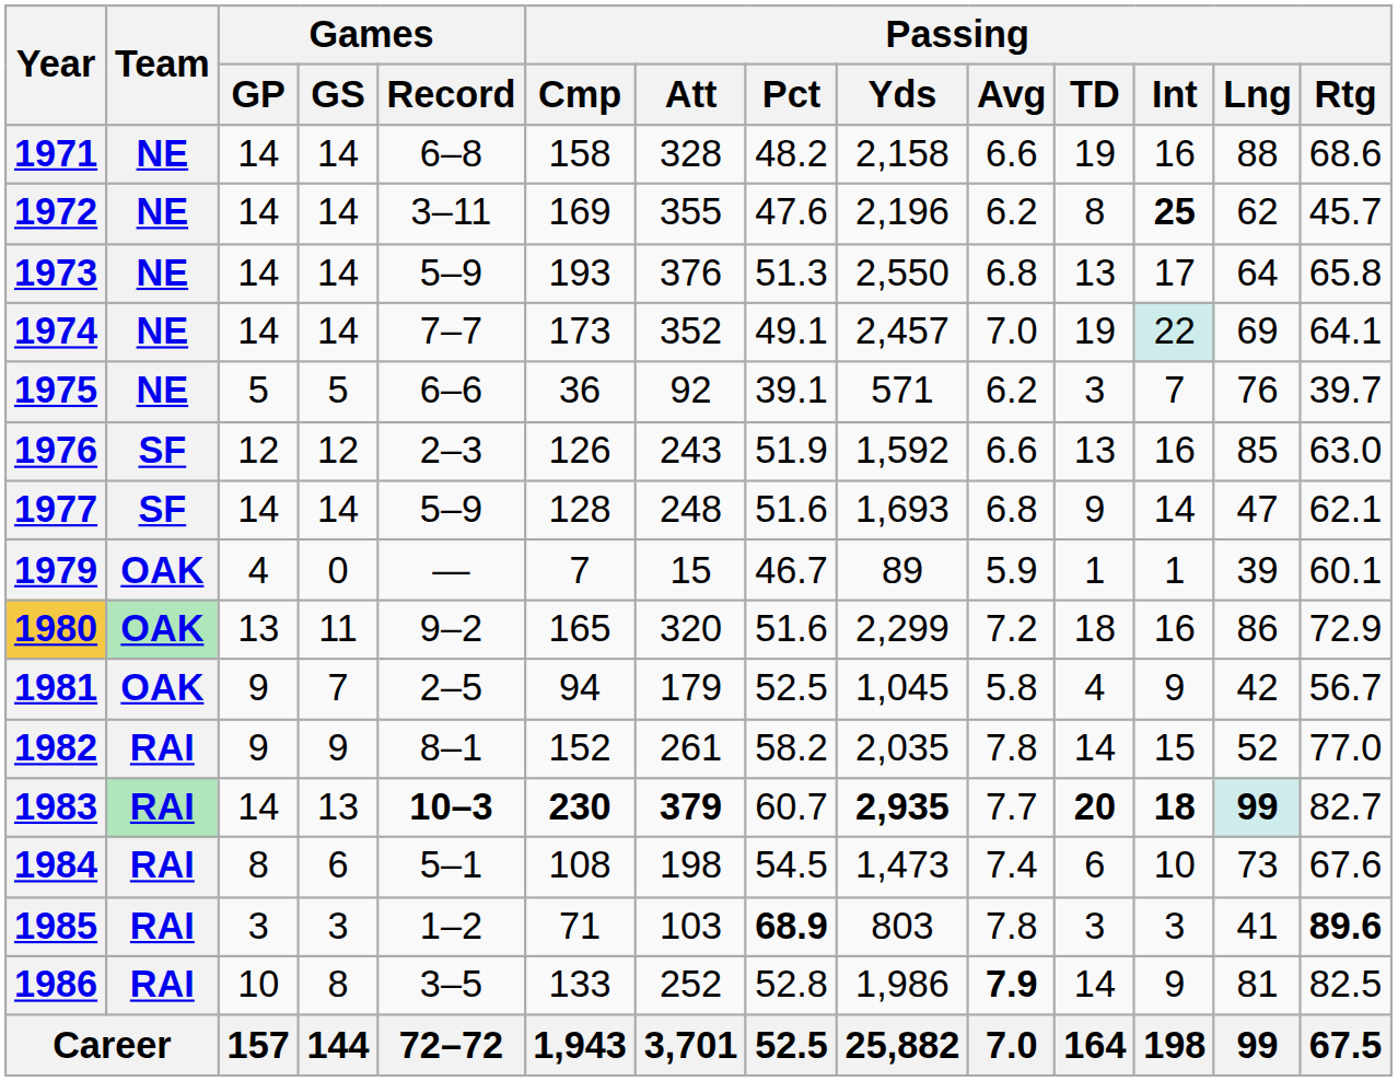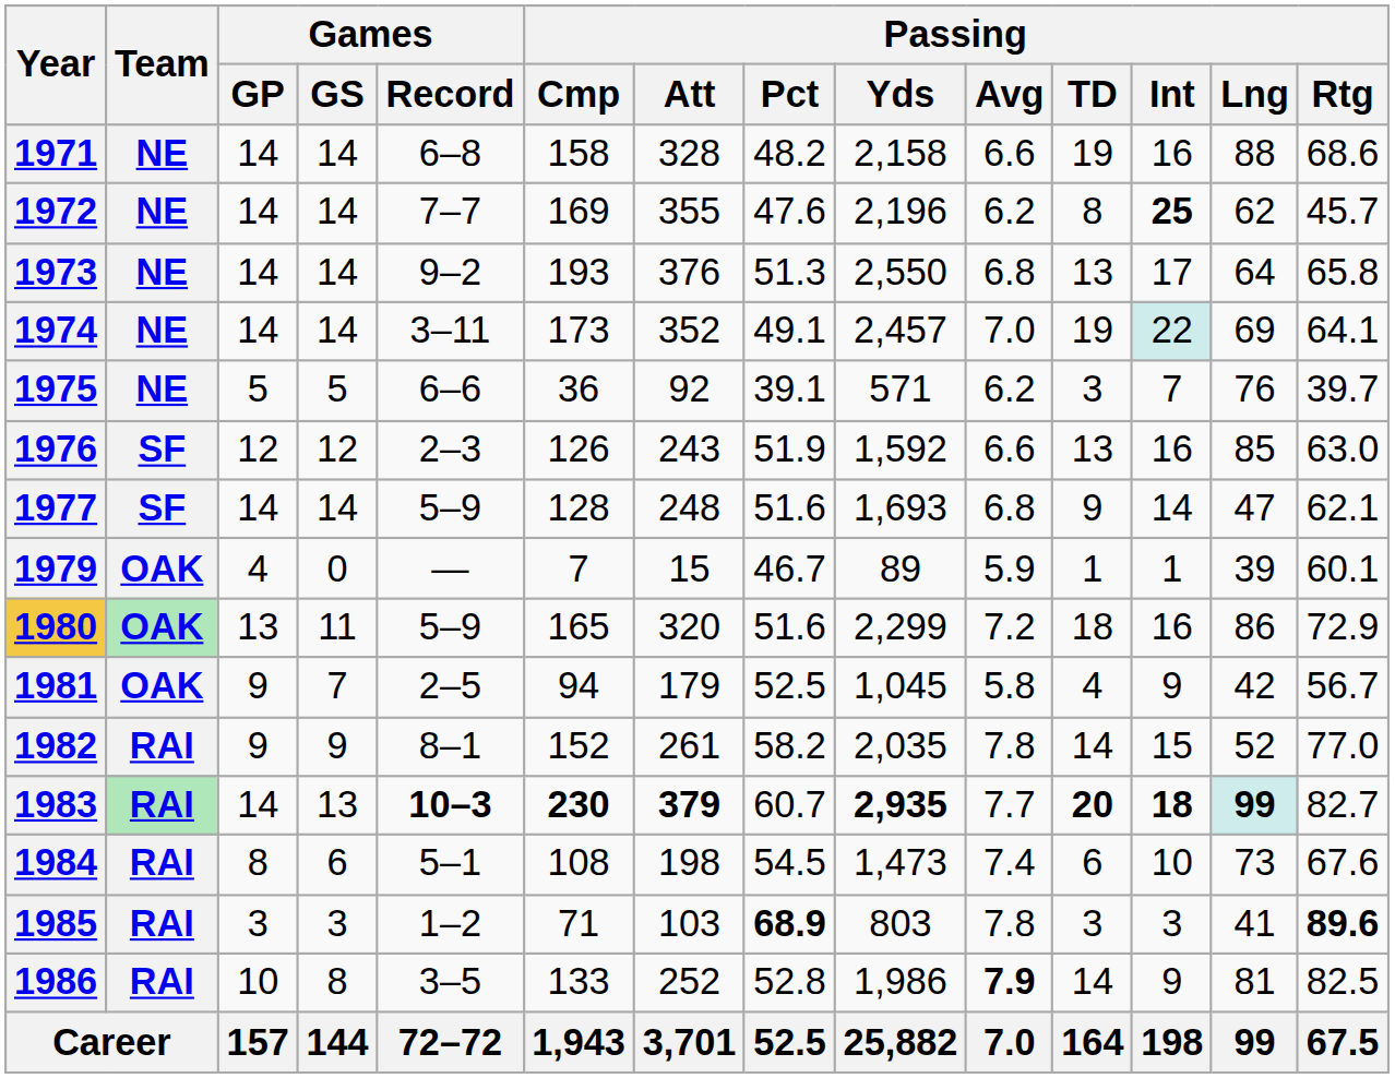 <table class="wikitable" style="text-align:center">
 <tr>
 <th rowspan="2">Year</th>
 <th rowspan="2">Team</th>
 <th colspan="3">Games</th>
 <th colspan="9">Passing</th>
 </tr>
 <tr>
 <th>GP</th>
 <th>GS</th>
 <th>Record</th>
 <th>Cmp</th>
 <th>Att</th>
 <th>Pct</th>
 <th>Yds</th>
 <th>Avg</th>
 <th>TD</th>
 <th>Int</th>
 <th>Lng</th>
 <th>Rtg</th>
 </tr>
 <tr>
 <th><a href='#'>1971</a></th>
 <th><a href='#'>NE</a></th>
 <td>14</td>
 <td>14</td>
 <td>6–8</td>
 <td>158</td>
 <td>328</td>
 <td>48.2</td>
 <td>2,158</td>
 <td>6.6</td>
 <td>19</td>
 <td>16</td>
 <td>88</td>
 <td>68.6</td>
 </tr>
 <tr>
 <th><a href='#'>1972</a></th>
 <th><a href='#'>NE</a></th>
 <td>14</td>
 <td>14</td>
-<td>3–11</td>
+<td>7–7</td>
 <td>169</td>
 <td>355</td>
 <td>47.6</td>
 <td>2,196</td>
 <td>6.2</td>
 <td>8</td>
 <td><strong>25</strong></td>
 <td>62</td>
 <td>45.7</td>
 </tr>
 <tr>
 <th><a href='#'>1973</a></th>
 <th><a href='#'>NE</a></th>
 <td>14</td>
 <td>14</td>
-<td>5–9</td>
+<td>9–2</td>
 <td>193</td>
 <td>376</td>
 <td>51.3</td>
 <td>2,550</td>
 <td>6.8</td>
 <td>13</td>
 <td>17</td>
 <td>64</td>
 <td>65.8</td>
 </tr>
 <tr>
 <th><a href='#'>1974</a></th>
 <th><a href='#'>NE</a></th>
 <td>14</td>
 <td>14</td>
-<td>7–7</td>
+<td>3–11</td>
 <td>173</td>
 <td>352</td>
 <td>49.1</td>
 <td>2,457</td>
 <td>7.0</td>
 <td>19</td>
 <td style="background:#cfecec;">22</td>
 <td>69</td>
 <td>64.1</td>
 </tr>
 <tr>
 <th><a href='#'>1975</a></th>
 <th><a href='#'>NE</a></th>
 <td>5</td>
 <td>5</td>
 <td>6–6</td>
 <td>36</td>
 <td>92</td>
 <td>39.1</td>
 <td>571</td>
 <td>6.2</td>
 <td>3</td>
 <td>7</td>
 <td>76</td>
 <td>39.7</td>
 </tr>
 <tr>
 <th><a href='#'>1976</a></th>
 <th><a href='#'>SF</a></th>
 <td>12</td>
 <td>12</td>
 <td>2–3</td>
 <td>126</td>
 <td>243</td>
 <td>51.9</td>
 <td>1,592</td>
 <td>6.6</td>
 <td>13</td>
 <td>16</td>
 <td>85</td>
 <td>63.0</td>
 </tr>
 <tr>
 <th><a href='#'>1977</a></th>
 <th><a href='#'>SF</a></th>
 <td>14</td>
 <td>14</td>
 <td>5–9</td>
 <td>128</td>
 <td>248</td>
 <td>51.6</td>
 <td>1,693</td>
 <td>6.8</td>
 <td>9</td>
 <td>14</td>
 <td>47</td>
 <td>62.1</td>
 </tr>
 <tr>
 <th><a href='#'>1979</a></th>
 <th><a href='#'>OAK</a></th>
 <td>4</td>
 <td>0</td>
 <td>—</td>
 <td>7</td>
 <td>15</td>
 <td>46.7</td>
 <td>89</td>
 <td>5.9</td>
 <td>1</td>
 <td>1</td>
 <td>39</td>
 <td>60.1</td>
 </tr>
 <tr>
 <th style="background:#f4c842"><a href='#'>1980</a></th>
 <th style="background:#afe6ba;"><a href='#'>OAK</a></th>
 <td>13</td>
 <td>11</td>
-<td>9–2</td>
+<td>5–9</td>
 <td>165</td>
 <td>320</td>
 <td>51.6</td>
 <td>2,299</td>
 <td>7.2</td>
 <td>18</td>
 <td>16</td>
 <td>86</td>
 <td>72.9</td>
 </tr>
 <tr>
 <th><a href='#'>1981</a></th>
 <th><a href='#'>OAK</a></th>
 <td>9</td>
 <td>7</td>
 <td>2–5</td>
 <td>94</td>
 <td>179</td>
 <td>52.5</td>
 <td>1,045</td>
 <td>5.8</td>
 <td>4</td>
 <td>9</td>
 <td>42</td>
 <td>56.7</td>
 </tr>
 <tr>
 <th><a href='#'>1982</a></th>
 <th><a href='#'>RAI</a></th>
 <td>9</td>
 <td>9</td>
 <td>8–1</td>
 <td>152</td>
 <td>261</td>
 <td>58.2</td>
 <td>2,035</td>
 <td>7.8</td>
 <td>14</td>
 <td>15</td>
 <td>52</td>
 <td>77.0</td>
 </tr>
 <tr>
 <th><a href='#'>1983</a></th>
 <th style="background:#afe6ba;"><a href='#'>RAI</a></th>
 <td>14</td>
 <td>13</td>
 <td><strong>10–3</strong></td>
 <td><strong>230</strong></td>
 <td><strong>379</strong></td>
 <td>60.7</td>
 <td><strong>2,935</strong></td>
 <td>7.7</td>
 <td><strong>20</strong></td>
 <td><strong>18</strong></td>
 <td style="background:#cfecec;"><strong>99</strong></td>
 <td>82.7</td>
 </tr>
 <tr>
 <th><a href='#'>1984</a></th>
 <th><a href='#'>RAI</a></th>
 <td>8</td>
 <td>6</td>
 <td>5–1</td>
 <td>108</td>
 <td>198</td>
 <td>54.5</td>
 <td>1,473</td>
 <td>7.4</td>
 <td>6</td>
 <td>10</td>
 <td>73</td>
 <td>67.6</td>
 </tr>
 <tr>
 <th><a href='#'>1985</a></th>
 <th><a href='#'>RAI</a></th>
 <td>3</td>
 <td>3</td>
 <td>1–2</td>
 <td>71</td>
 <td>103</td>
 <td><strong>68.9</strong></td>
 <td>803</td>
 <td>7.8</td>
 <td>3</td>
 <td>3</td>
 <td>41</td>
 <td><strong>89.6</strong></td>
 </tr>
 <tr>
 <th><a href='#'>1986</a></th>
 <th><a href='#'>RAI</a></th>
 <td>10</td>
 <td>8</td>
 <td>3–5</td>
 <td>133</td>
 <td>252</td>
 <td>52.8</td>
 <td>1,986</td>
 <td><strong>7.9</strong></td>
 <td>14</td>
 <td>9</td>
 <td>81</td>
 <td>82.5</td>
 </tr>
 <tr>
 <th colspan="2">Career</th>
 <th>157</th>
 <th>144</th>
 <th>72–72</th>
 <th>1,943</th>
 <th>3,701</th>
 <th>52.5</th>
 <th>25,882</th>
 <th>7.0</th>
 <th>164</th>
 <th>198</th>
 <th>99</th>
 <th>67.5</th>
 </tr>
 </table>
